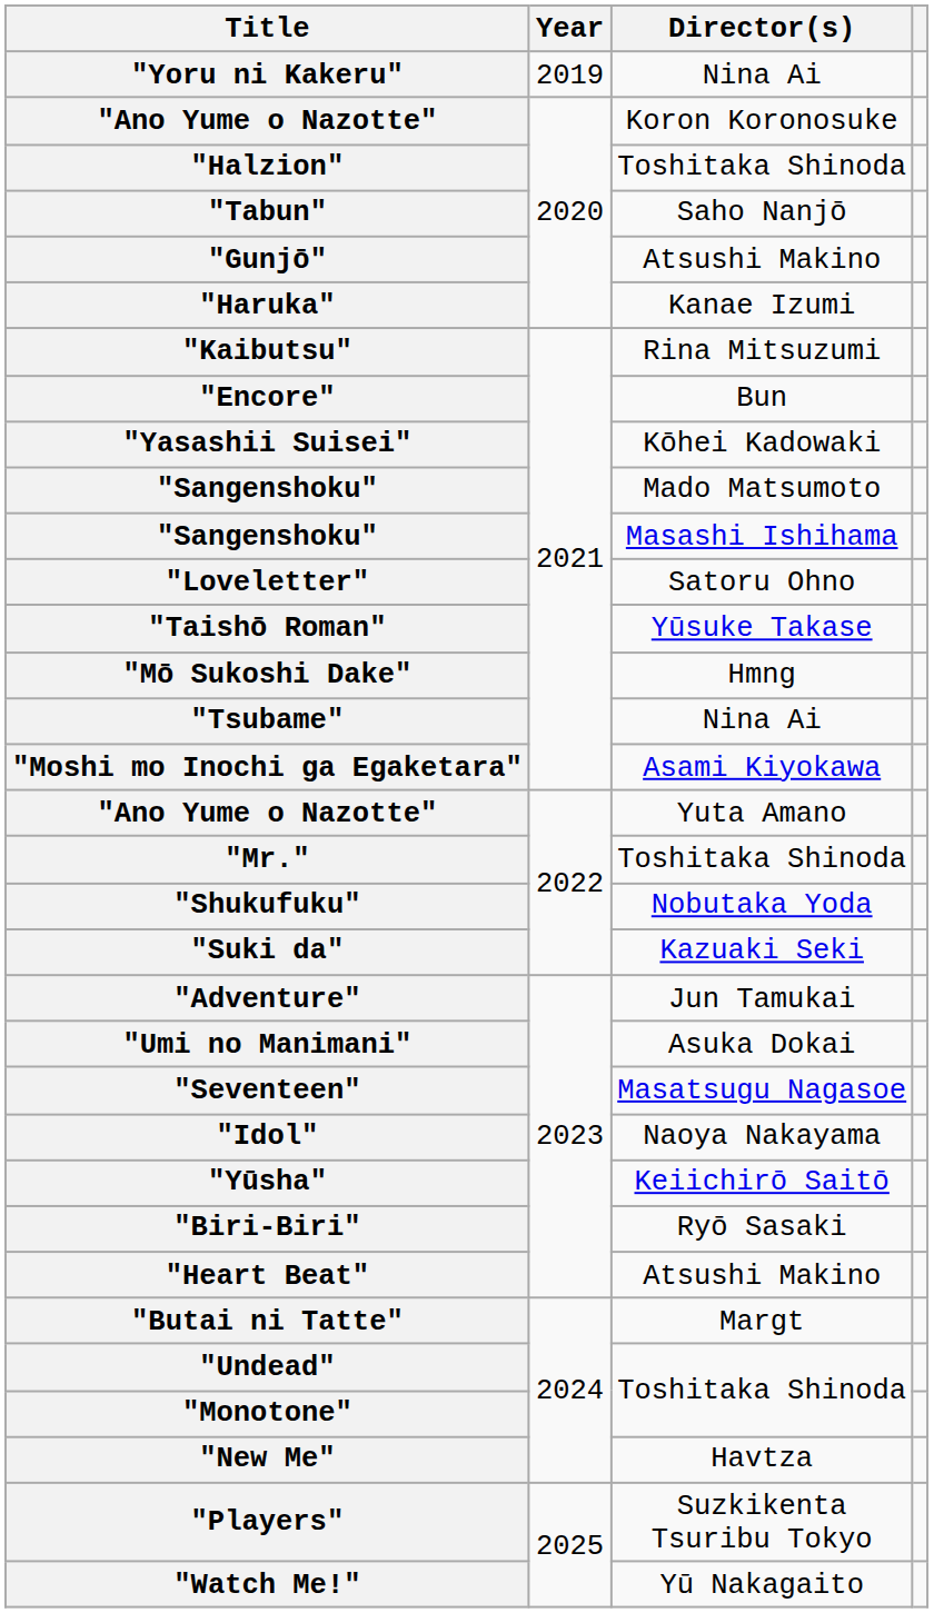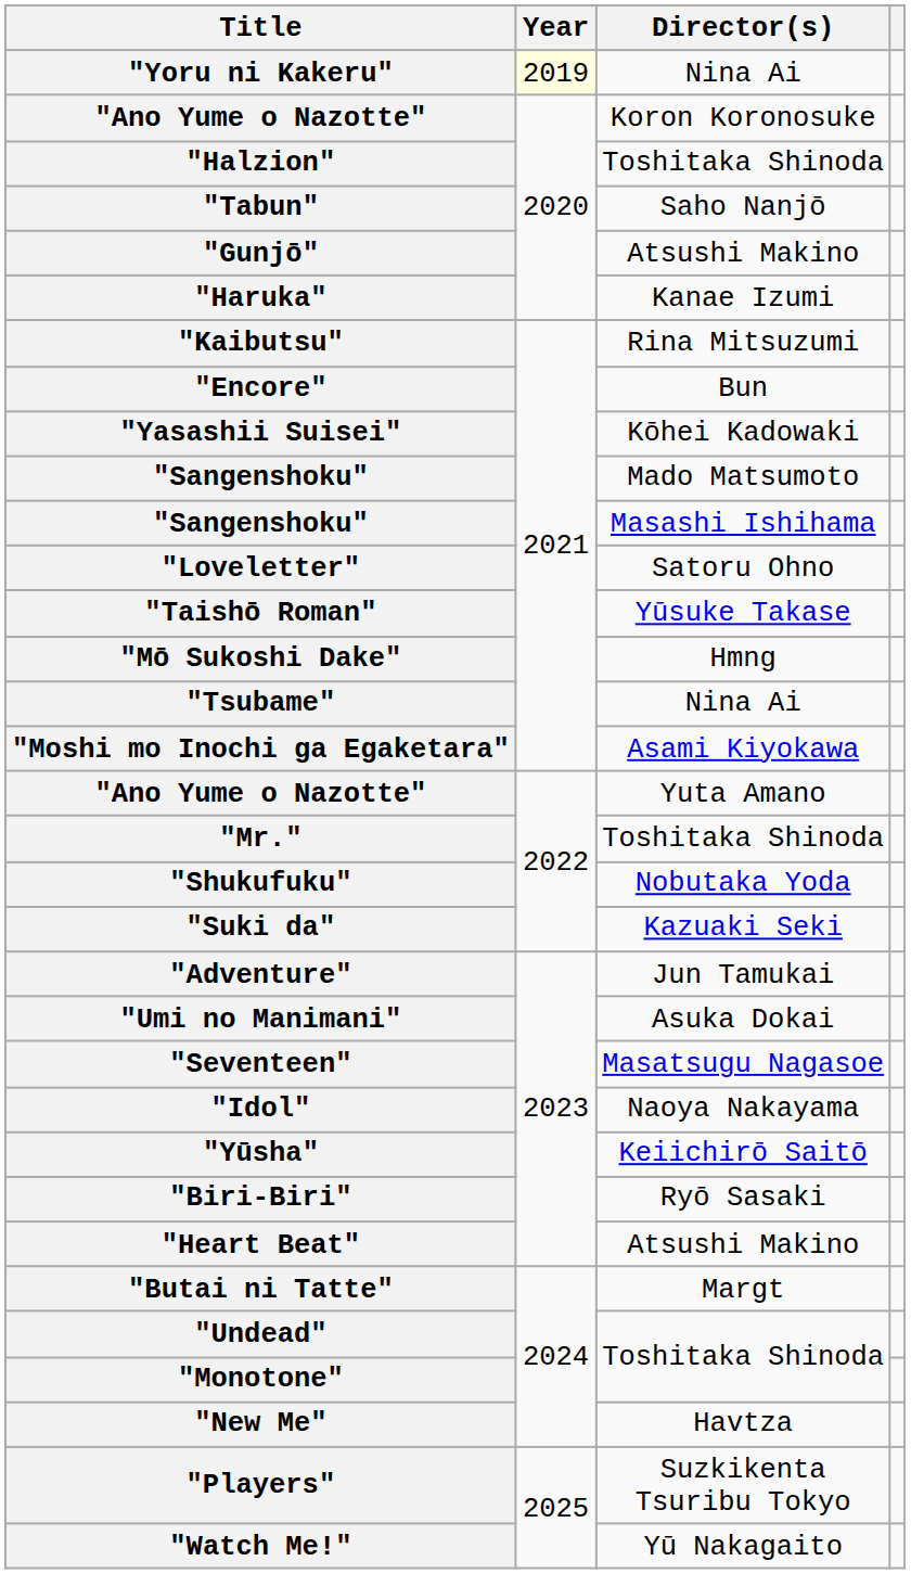 <table class="wikitable plainrowheaders" style="text-align:center">
 <tr>
 <th scope="col">Title</th>
 <th scope="col">Year</th>
 <th scope="col">Director(s)</th>
 <th scope="col"></th>
 </tr>
 <tr>
 <th scope="row">"Yoru ni Kakeru"</th>
-<td>2019</td>
+<td style="background: lightyellow;">2019</td>
 <td>Nina Ai</td>
 <td></td>
 </tr>
 <tr>
 <th scope="row">"Ano Yume o Nazotte"</th>
 <td rowspan="5">2020</td>
 <td>Koron Koronosuke</td>
 <td></td>
 </tr>
 <tr>
 <th scope="row">"Halzion"</th>
 <td>Toshitaka Shinoda</td>
 <td></td>
 </tr>
 <tr>
 <th scope="row">"Tabun"</th>
 <td>Saho Nanjō</td>
 <td></td>
 </tr>
 <tr>
 <th scope="row">"Gunjō"</th>
 <td>Atsushi Makino</td>
 <td></td>
 </tr>
 <tr>
 <th scope="row">"Haruka"</th>
 <td>Kanae Izumi</td>
 <td></td>
 </tr>
 <tr>
 <th scope="row">"Kaibutsu"</th>
 <td rowspan="10">2021</td>
 <td>Rina Mitsuzumi</td>
 <td></td>
 </tr>
 <tr>
 <th scope="row">"Encore"</th>
 <td>Bun</td>
 <td></td>
 </tr>
 <tr>
 <th scope="row">"Yasashii Suisei"</th>
 <td>Kōhei Kadowaki</td>
 <td></td>
 </tr>
 <tr>
 <th scope="row">"Sangenshoku" </th>
 <td>Mado Matsumoto</td>
 <td></td>
 </tr>
 <tr>
 <th scope="row">"Sangenshoku"</th>
 <td><a href='#'>Masashi Ishihama</a></td>
 <td></td>
 </tr>
 <tr>
 <th scope="row">"Loveletter"</th>
 <td>Satoru Ohno</td>
 <td></td>
 </tr>
 <tr>
 <th scope="row">"Taishō Roman"</th>
 <td><a href='#'>Yūsuke Takase</a></td>
 <td></td>
 </tr>
 <tr>
 <th scope="row">"Mō Sukoshi Dake"</th>
 <td>Hmng</td>
 <td></td>
 </tr>
 <tr>
 <th scope="row">"Tsubame"</th>
 <td>Nina Ai</td>
 <td></td>
 </tr>
 <tr>
 <th scope="row">"Moshi mo Inochi ga Egaketara"</th>
 <td><a href='#'>Asami Kiyokawa</a></td>
 <td></td>
 </tr>
 <tr>
 <th scope="row">"Ano Yume o Nazotte" </th>
 <td rowspan="4">2022</td>
 <td>Yuta Amano</td>
 <td></td>
 </tr>
 <tr>
 <th scope="row">"Mr."</th>
 <td>Toshitaka Shinoda</td>
 <td></td>
 </tr>
 <tr>
 <th scope="row">"Shukufuku"</th>
 <td><a href='#'>Nobutaka Yoda</a></td>
 <td></td>
 </tr>
 <tr>
 <th scope="row">"Suki da"</th>
 <td><a href='#'>Kazuaki Seki</a></td>
 <td></td>
 </tr>
 <tr>
 <th scope="row">"Adventure"</th>
 <td rowspan="7">2023</td>
 <td>Jun Tamukai</td>
 <td></td>
 </tr>
 <tr>
 <th scope="row">"Umi no Manimani"</th>
 <td>Asuka Dokai</td>
 <td></td>
 </tr>
 <tr>
 <th scope="row">"Seventeen"</th>
 <td><a href='#'>Masatsugu Nagasoe</a></td>
 <td></td>
 </tr>
 <tr>
 <th scope="row">"Idol"</th>
 <td>Naoya Nakayama</td>
 <td></td>
 </tr>
 <tr>
 <th scope="row">"Yūsha"</th>
 <td><a href='#'>Keiichirō Saitō</a></td>
 <td></td>
 </tr>
 <tr>
 <th scope="row">"Biri-Biri"</th>
 <td>Ryō Sasaki</td>
 <td></td>
 </tr>
 <tr>
 <th scope="row">"Heart Beat"</th>
 <td>Atsushi Makino</td>
 <td></td>
 </tr>
 <tr>
 <th scope="row">"Butai ni Tatte"</th>
 <td rowspan="4">2024</td>
 <td>Margt</td>
 <td></td>
 </tr>
 <tr>
 <th scope="row">"Undead"</th>
 <td rowspan="2">Toshitaka Shinoda</td>
 <td></td>
 </tr>
 <tr>
 <th scope="row">"Monotone"</th>
 <td></td>
 </tr>
 <tr>
 <th scope="row">"New Me"</th>
 <td>Havtza</td>
 <td></td>
 </tr>
 <tr>
 <th scope="row">"Players"</th>
 <td rowspan="2">2025</td>
 <td>Suzkikenta<br>Tsuribu Tokyo</td>
 <td></td>
 </tr>
 <tr>
 <th scope="row">"Watch Me!"</th>
 <td>Yū Nakagaito</td>
 <td></td>
 </tr>
 </table>
